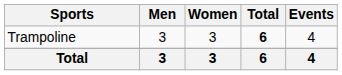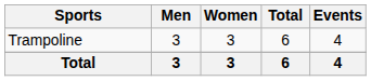 <table class="wikitable sortable" style="text-align:center;">
 <tr>
 <th width=150>Sports</th>
 <th width=45>Men</th>
 <th width=45>Women</th>
 <th width=45>Total</th>
 <th width=45>Events</th>
 </tr>
 <tr>
 <td align=left>Trampoline</td>
 <td>3</td>
 <td>3</td>
-<td><strong>6</strong></td>
+<td>6</td>
 <td>4</td>
 </tr>
 <tr>
 </tr>
 <tr class="sortbottom">
 <th>Total</th>
 <th>3</th>
 <th>3</th>
 <th>6</th>
 <th>4</th>
 </tr>
 </table>
